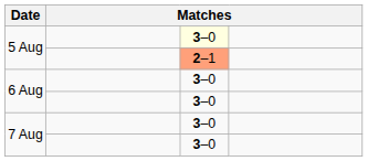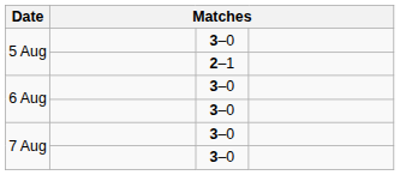 <table class="wikitable">
 <tr>
 <th>Date</th>
 <th colspan=3>Matches</th>
 </tr>
 <tr>
 <td rowspan=2>5 Aug</td>
 <td width=150><strong></strong></td>
-<td style="background: lightyellow; width:50px" align=center><strong>3</strong>–0</td>
+<td style="width:50px" align=center><strong>3</strong>–0</td>
 <td width=150></td>
 </tr>
 <tr>
 <td width=150><strong></strong></td>
-<td style="background: lightsalmon; width:50px" align=center><strong>2</strong>–1</td>
+<td style="width:50px" align=center><strong>2</strong>–1</td>
 <td width=150></td>
 </tr>
 <tr>
 <td rowspan=2>6 Aug</td>
 <td width=150><strong></strong></td>
 <td style="width:50px" align=center><strong>3</strong>–0</td>
 <td width=150></td>
 </tr>
 <tr>
 <td width=150><strong></strong></td>
 <td style="width:50px" align=center><strong>3</strong>–0</td>
 <td width=150></td>
 </tr>
 <tr>
 <td rowspan=2>7 Aug</td>
 <td width=150><strong></strong></td>
 <td style="width:50px" align=center><strong>3</strong>–0</td>
 <td width=150></td>
 </tr>
 <tr>
 <td width=150><strong></strong></td>
 <td style="width:50px" align=center><strong>3</strong>–0</td>
 <td width=150></td>
 </tr>
 </table>
